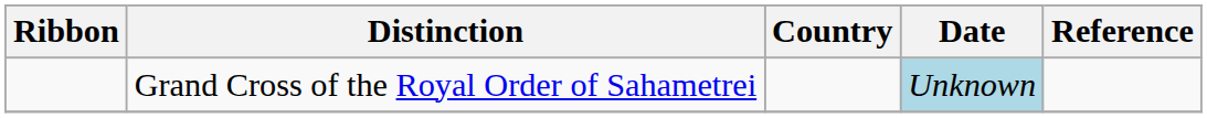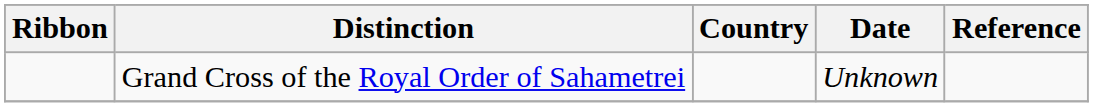 <table class="wikitable">
 <tr>
 <th>Ribbon</th>
 <th>Distinction</th>
 <th>Country</th>
 <th>Date</th>
 <th>Reference</th>
 </tr>
 <tr>
 <td></td>
 <td>Grand Cross of the <a href='#'>Royal Order of Sahametrei</a></td>
 <td></td>
-<td style="background: lightblue;"><em>Unknown</em></td>
+<td><em>Unknown</em></td>
 <td></td>
 </tr>
 <tr>
 </tr>
 </table>
